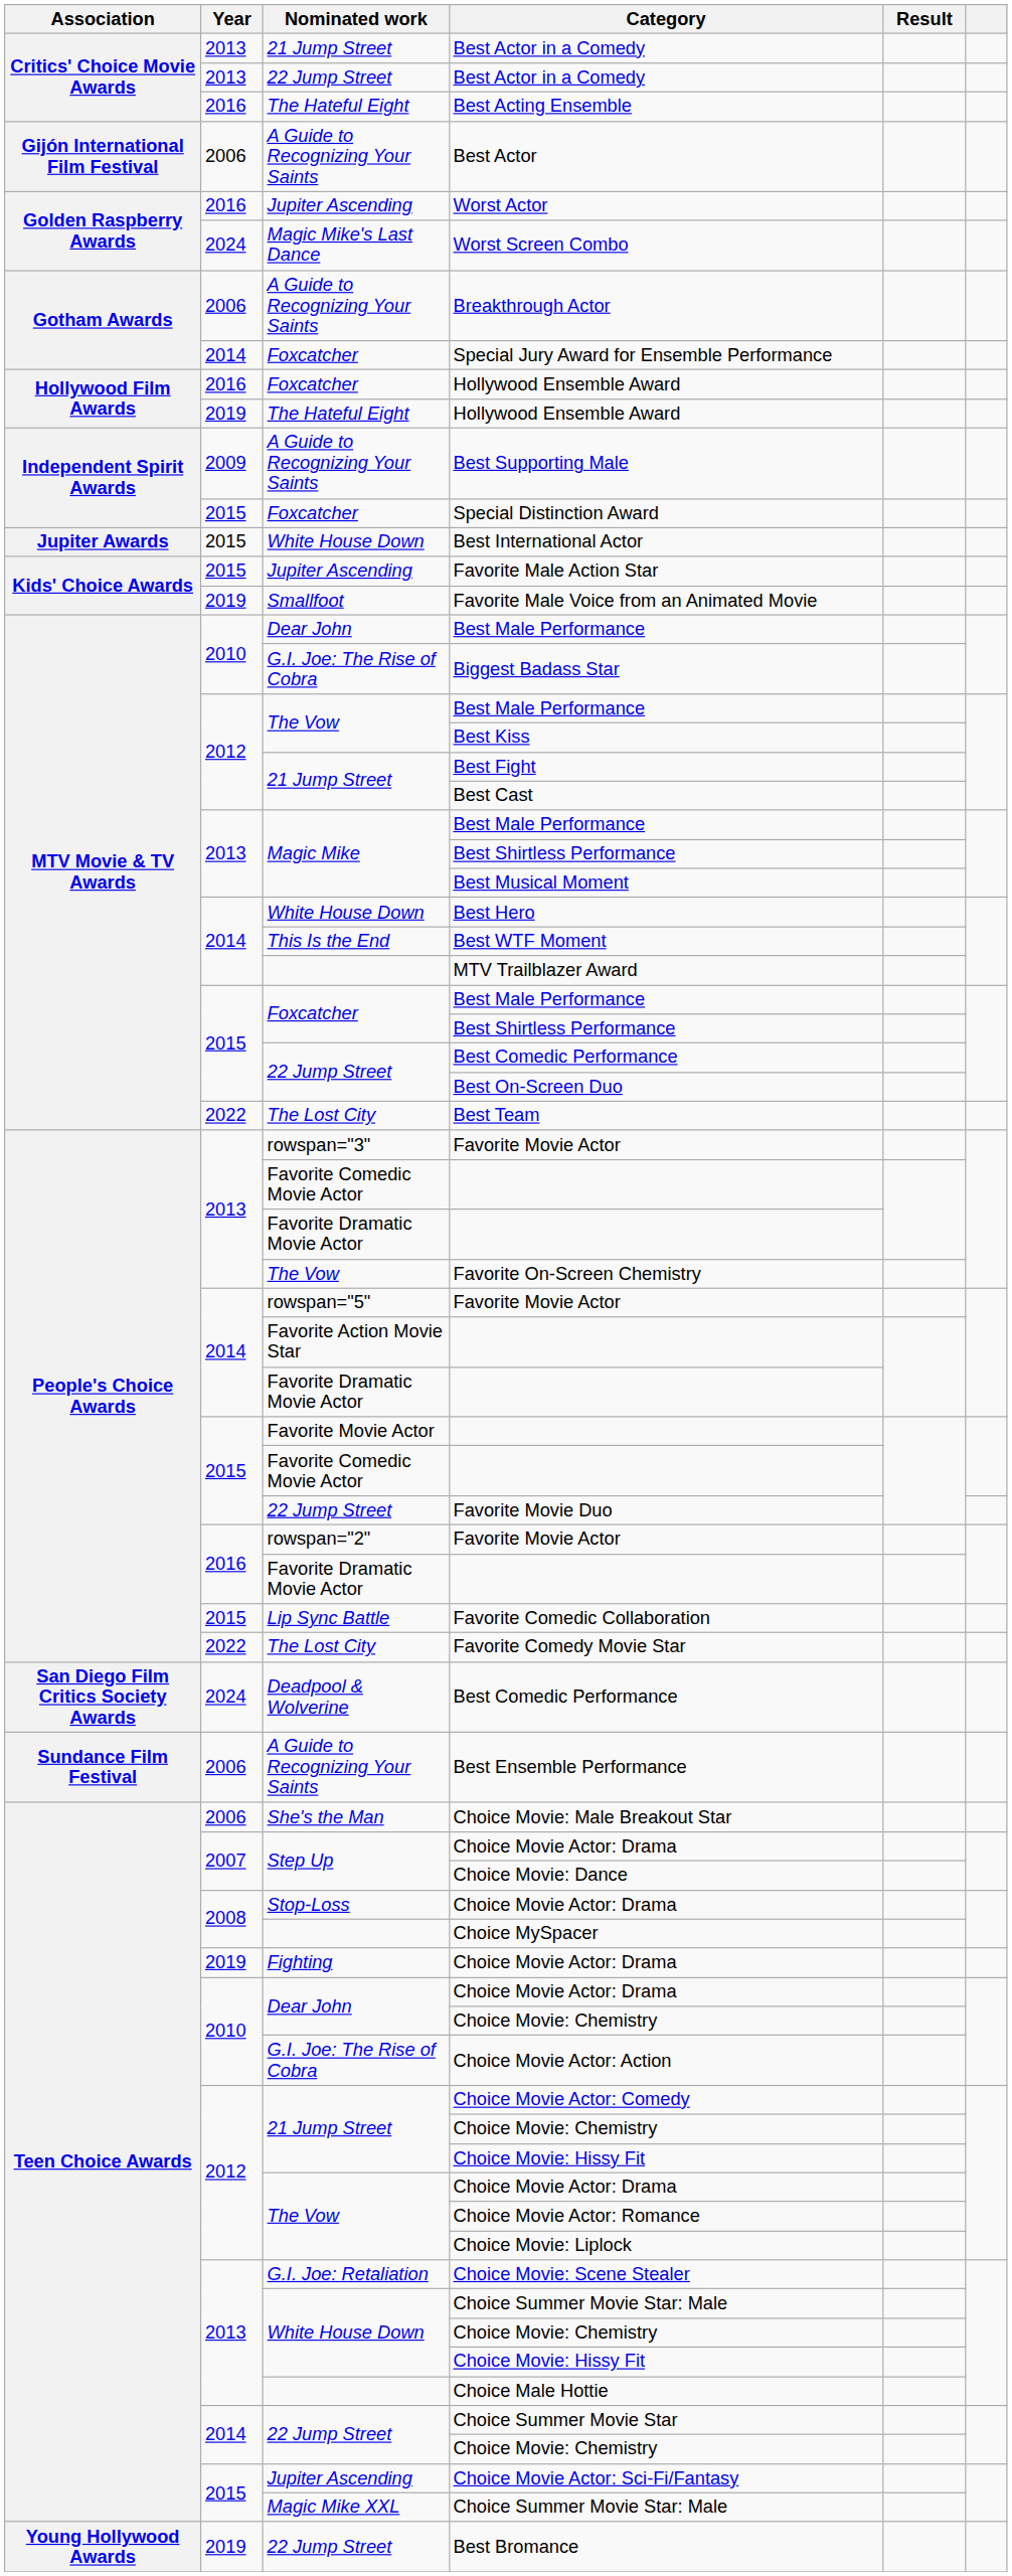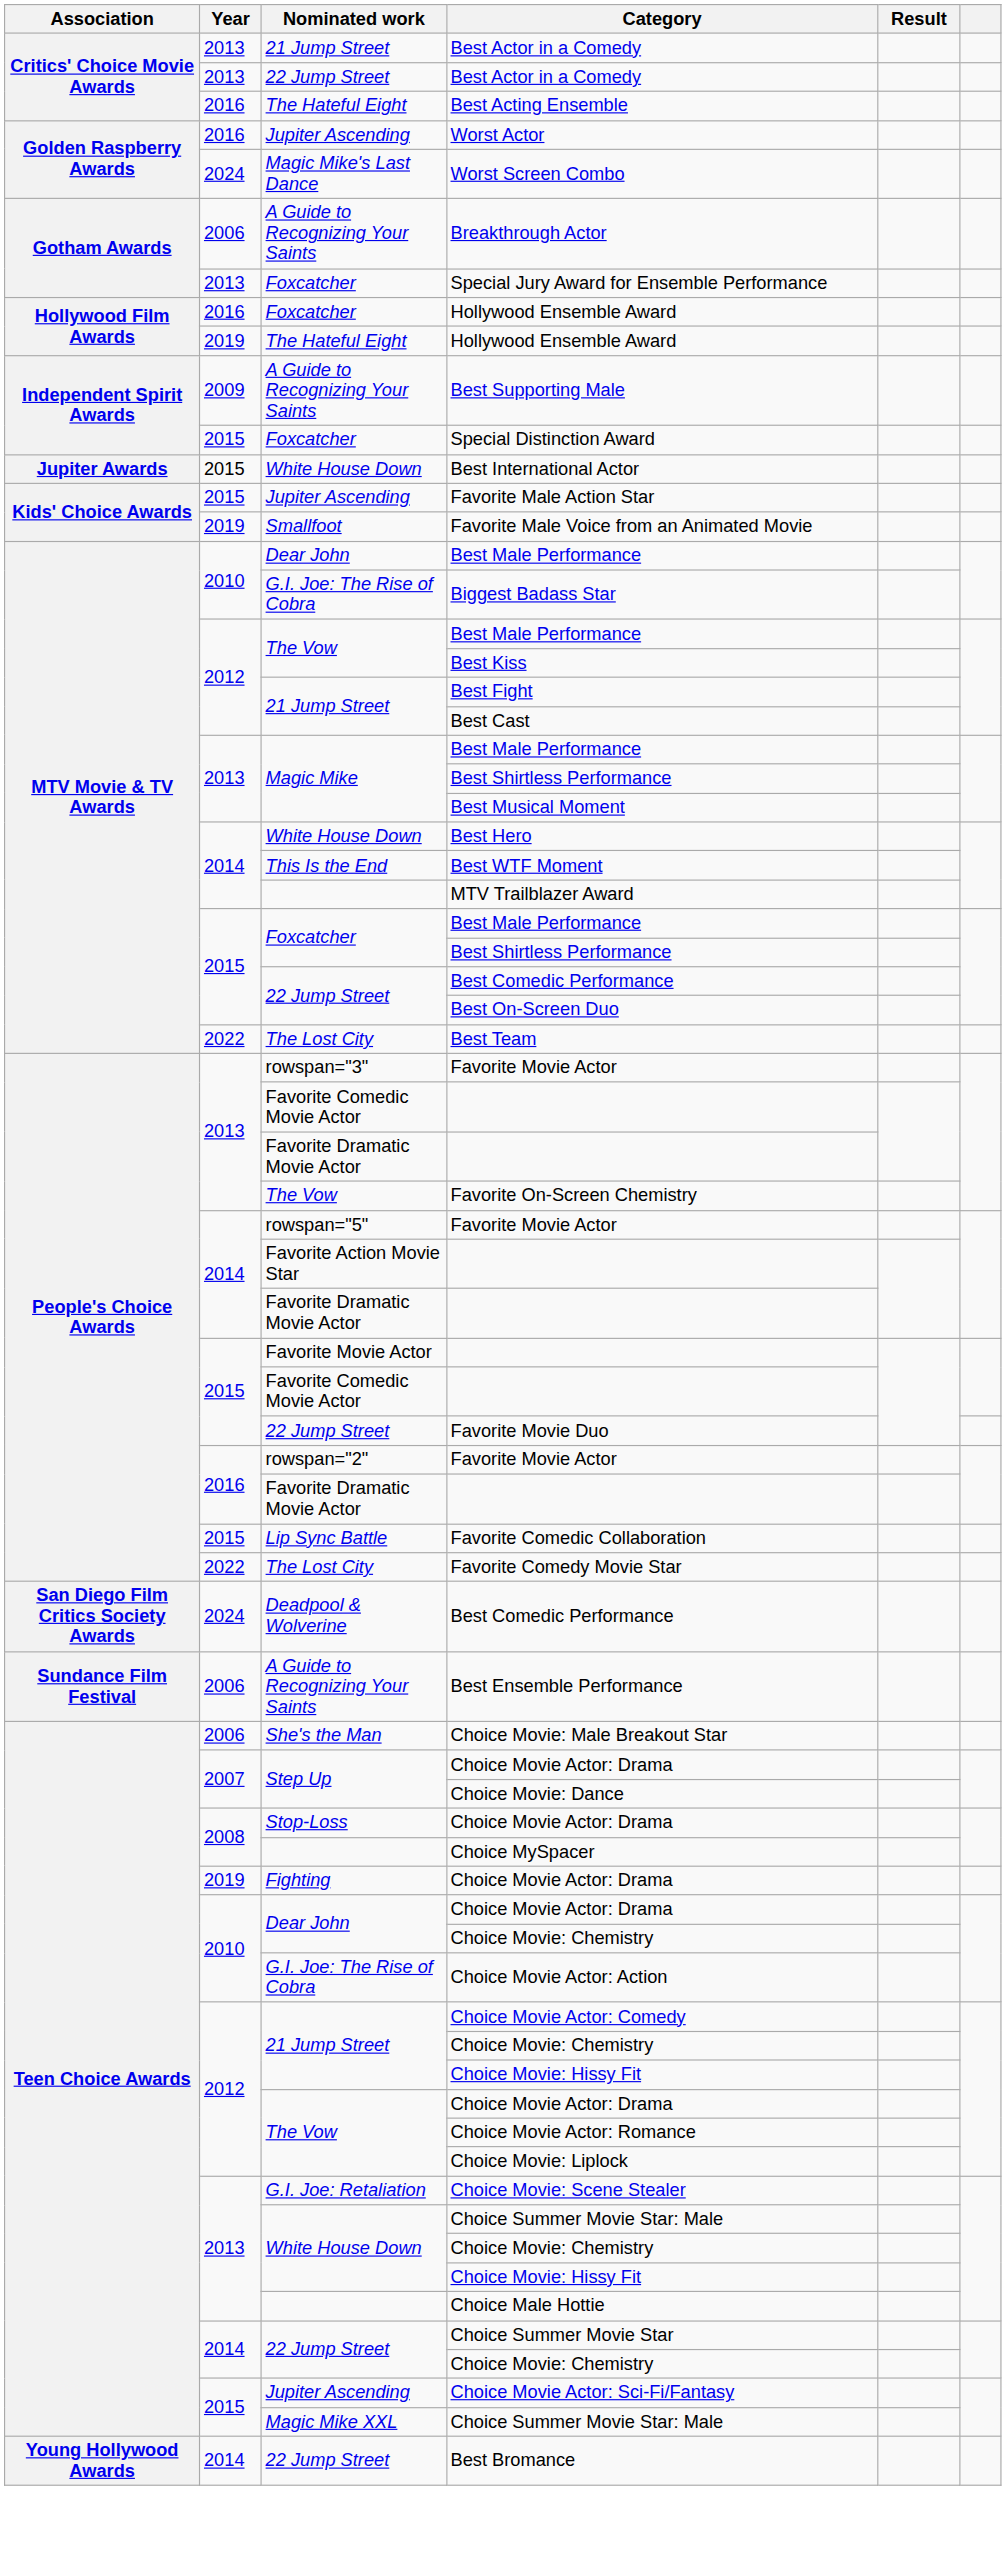 <table class="wikitable sortable plainrowheaders" style="width:99%;">
 <tr>
 <th scope="col" style="width:19%;">Association</th>
 <th scope="col" style="width:6%;">Year</th>
 <th scope="col" style="width:18%;">Nominated work</th>
 <th scope="col" style="width:42%;">Category</th>
 <th scope="col" style="width:8%;">Result</th>
 <th scope="col" style="width:4%;" class="unsortable"></th>
 </tr>
 <tr>
 <th scope="row" rowspan="3"><a href='#'>Critics' Choice Movie Awards</a></th>
 <td><a href='#'>2013</a></td>
 <td><em><a href='#'>21 Jump Street</a></em></td>
 <td><a href='#'>Best Actor in a Comedy</a></td>
 <td></td>
 <td style="text-align:center;"></td>
 </tr>
 <tr>
 <td><a href='#'>2013</a></td>
 <td><em><a href='#'>22 Jump Street</a></em></td>
 <td><a href='#'>Best Actor in a Comedy</a></td>
 <td></td>
 <td style="text-align:center;"></td>
 </tr>
 <tr>
 <td><a href='#'>2016</a></td>
 <td><em><a href='#'>The Hateful Eight</a></em></td>
 <td><a href='#'>Best Acting Ensemble</a></td>
 <td></td>
 <td style="text-align:center;"></td>
 </tr>
 <tr>
-<th scope="row"><a href='#'>Gijón International Film Festival</a></th>
-<td>2006</td>
-<td><em><a href='#'>A Guide to Recognizing Your Saints</a></em></td>
-<td>Best Actor</td>
-<td></td>
-<td style="text-align:center;"></td>
-</tr>
-<tr>
 <th scope="row" rowspan="2"><a href='#'>Golden Raspberry Awards</a></th>
 <td><a href='#'>2016</a></td>
 <td><em><a href='#'>Jupiter Ascending</a></em></td>
 <td><a href='#'>Worst Actor</a></td>
 <td></td>
 <td style="text-align:center;"></td>
 </tr>
 <tr>
 <td><a href='#'>2024</a></td>
 <td><em><a href='#'>Magic Mike's Last Dance</a></em></td>
 <td><a href='#'>Worst Screen Combo</a></td>
 <td></td>
 <td style="text-align:center;"></td>
 </tr>
 <tr>
 <th scope="row" rowspan="2"><a href='#'>Gotham Awards</a></th>
 <td><a href='#'>2006</a></td>
 <td><em><a href='#'>A Guide to Recognizing Your Saints</a></em></td>
 <td><a href='#'>Breakthrough Actor</a></td>
 <td></td>
 <td style="text-align:center;"></td>
 </tr>
 <tr>
-<td><a href='#'>2014</a></td>
+<td><a href='#'>2013</a></td>
 <td><em><a href='#'>Foxcatcher</a></em></td>
 <td>Special Jury Award for Ensemble Performance</td>
 <td></td>
 <td style="text-align:center;"></td>
 </tr>
 <tr>
 <th scope="row" rowspan="2"><a href='#'>Hollywood Film Awards</a></th>
 <td><a href='#'>2016</a></td>
 <td><em><a href='#'>Foxcatcher</a></em></td>
 <td>Hollywood Ensemble Award</td>
 <td></td>
 <td style="text-align:center;"></td>
 </tr>
 <tr>
 <td><a href='#'>2019</a></td>
 <td><em><a href='#'>The Hateful Eight</a></em></td>
 <td>Hollywood Ensemble Award</td>
 <td></td>
 <td style="text-align:center;"></td>
 </tr>
 <tr>
 <th scope="row" rowspan="2"><a href='#'>Independent Spirit Awards</a></th>
 <td><a href='#'>2009</a></td>
 <td><em><a href='#'>A Guide to Recognizing Your Saints</a></em></td>
 <td><a href='#'>Best Supporting Male</a></td>
 <td></td>
 <td style="text-align:center;"></td>
 </tr>
 <tr>
 <td><a href='#'>2015</a></td>
 <td><em><a href='#'>Foxcatcher</a></em></td>
 <td>Special Distinction Award</td>
 <td></td>
 <td style="text-align:center;"></td>
 </tr>
 <tr>
 <th scope="row"><a href='#'>Jupiter Awards</a></th>
 <td>2015</td>
 <td><em><a href='#'>White House Down</a></em></td>
 <td>Best International Actor</td>
 <td></td>
 <td style="text-align:center;"></td>
 </tr>
 <tr>
 <th scope="row" rowspan="2"><a href='#'>Kids' Choice Awards</a></th>
 <td><a href='#'>2015</a></td>
 <td><em><a href='#'>Jupiter Ascending</a></em></td>
 <td>Favorite Male Action Star</td>
 <td></td>
 <td style="text-align:center;"></td>
 </tr>
 <tr>
 <td><a href='#'>2019</a></td>
 <td><em><a href='#'>Smallfoot</a></em></td>
 <td>Favorite Male Voice from an Animated Movie</td>
 <td></td>
 <td style="text-align:center;"></td>
 </tr>
 <tr>
 <th scope="row" rowspan="17"><a href='#'>MTV Movie & TV Awards</a></th>
 <td rowspan="2"><a href='#'>2010</a></td>
 <td><em><a href='#'>Dear John</a></em></td>
 <td><a href='#'>Best Male Performance</a></td>
 <td></td>
 <td style="text-align:center;" rowspan="2"></td>
 </tr>
 <tr>
 <td><em><a href='#'>G.I. Joe: The Rise of Cobra</a></em></td>
 <td><a href='#'>Biggest Badass Star</a></td>
 <td></td>
 </tr>
 <tr>
 <td rowspan="4"><a href='#'>2012</a></td>
 <td rowspan="2"><em><a href='#'>The Vow</a></em></td>
 <td><a href='#'>Best Male Performance</a></td>
 <td></td>
 <td style="text-align:center;" rowspan="4"></td>
 </tr>
 <tr>
 <td><a href='#'>Best Kiss</a></td>
 <td></td>
 </tr>
 <tr>
 <td rowspan="2"><em><a href='#'>21 Jump Street</a></em></td>
 <td><a href='#'>Best Fight</a></td>
 <td></td>
 </tr>
 <tr>
 <td>Best Cast</td>
 <td></td>
 </tr>
 <tr>
 <td rowspan="3"><a href='#'>2013</a></td>
 <td rowspan="3"><em><a href='#'>Magic Mike</a></em></td>
 <td><a href='#'>Best Male Performance</a></td>
 <td></td>
 <td style="text-align:center;" rowspan="3"></td>
 </tr>
 <tr>
 <td><a href='#'>Best Shirtless Performance</a></td>
 <td></td>
 </tr>
 <tr>
 <td><a href='#'>Best Musical Moment</a></td>
 <td></td>
 </tr>
 <tr>
 <td rowspan="3"><a href='#'>2014</a></td>
 <td><em><a href='#'>White House Down</a></em></td>
 <td><a href='#'>Best Hero</a></td>
 <td></td>
 <td style="text-align:center;" rowspan="3"></td>
 </tr>
 <tr>
 <td><em><a href='#'>This Is the End</a></em></td>
 <td><a href='#'>Best WTF Moment</a></td>
 <td></td>
 </tr>
 <tr>
 <td></td>
 <td>MTV Trailblazer Award</td>
 <td></td>
 </tr>
 <tr>
 <td rowspan="4"><a href='#'>2015</a></td>
 <td rowspan="2"><em><a href='#'>Foxcatcher</a></em></td>
 <td><a href='#'>Best Male Performance</a></td>
 <td></td>
 <td style="text-align:center;" rowspan="4"></td>
 </tr>
 <tr>
 <td><a href='#'>Best Shirtless Performance</a></td>
 <td></td>
 </tr>
 <tr>
 <td rowspan="2"><em><a href='#'>22 Jump Street</a></em></td>
 <td><a href='#'>Best Comedic Performance</a></td>
 <td></td>
 </tr>
 <tr>
 <td><a href='#'>Best On-Screen Duo</a></td>
 <td></td>
 </tr>
 <tr>
 <td><a href='#'>2022</a></td>
 <td><em><a href='#'>The Lost City</a></em></td>
 <td><a href='#'>Best Team</a></td>
 <td></td>
 <td style="text-align:center;"></td>
 </tr>
 <tr>
 <th scope="row" rowspan="14"><a href='#'>People's Choice Awards</a></th>
 <td rowspan="4"><a href='#'>2013</a></td>
 <td>rowspan="3" </td>
 <td>Favorite Movie Actor</td>
 <td></td>
 <td style="text-align:center;" rowspan="4"></td>
 </tr>
 <tr>
 <td>Favorite Comedic Movie Actor</td>
 <td></td>
 </tr>
 <tr>
 <td>Favorite Dramatic Movie Actor</td>
 <td></td>
 </tr>
 <tr>
 <td><em><a href='#'>The Vow</a></em></td>
 <td>Favorite On-Screen Chemistry</td>
 <td></td>
 </tr>
 <tr>
 <td rowspan="3"><a href='#'>2014</a></td>
 <td>rowspan="5" </td>
 <td>Favorite Movie Actor</td>
 <td></td>
 <td style="text-align:center;" rowspan="3"></td>
 </tr>
 <tr>
 <td>Favorite Action Movie Star</td>
 <td></td>
 </tr>
 <tr>
 <td>Favorite Dramatic Movie Actor</td>
 <td></td>
 </tr>
 <tr>
 <td rowspan="3"><a href='#'>2015</a></td>
 <td>Favorite Movie Actor</td>
 <td></td>
 <td style="text-align:center;" rowspan="3"></td>
 </tr>
 <tr>
 <td>Favorite Comedic Movie Actor</td>
 <td></td>
 </tr>
 <tr>
 <td><em><a href='#'>22 Jump Street</a></em></td>
 <td>Favorite Movie Duo</td>
 <td></td>
 </tr>
 <tr>
 <td rowspan="2"><a href='#'>2016</a></td>
 <td>rowspan="2" </td>
 <td>Favorite Movie Actor</td>
 <td></td>
 <td style="text-align:center;" rowspan="2"></td>
 </tr>
 <tr>
 <td>Favorite Dramatic Movie Actor</td>
 <td></td>
 </tr>
 <tr>
 <td><a href='#'>2015</a></td>
 <td><em><a href='#'>Lip Sync Battle</a></em></td>
 <td>Favorite Comedic Collaboration</td>
 <td></td>
 <td style="text-align:center;"></td>
 </tr>
 <tr>
 <td><a href='#'>2022</a></td>
 <td><em><a href='#'>The Lost City</a></em></td>
 <td>Favorite Comedy Movie Star</td>
 <td></td>
 <td style="text-align:center;"></td>
 </tr>
 <tr>
 <th scope="row"><a href='#'>San Diego Film Critics Society Awards</a></th>
 <td><a href='#'>2024</a></td>
 <td><em><a href='#'>Deadpool & Wolverine</a></em></td>
 <td>Best Comedic Performance</td>
 <td></td>
 <td style="text-align:center;"></td>
 </tr>
 <tr>
 <th scope="row"><a href='#'>Sundance Film Festival</a></th>
 <td><a href='#'>2006</a></td>
 <td><em><a href='#'>A Guide to Recognizing Your Saints</a></em></td>
 <td>Best Ensemble Performance</td>
 <td></td>
 <td style="text-align:center;"></td>
 </tr>
 <tr>
 <th scope="row" rowspan="24"><a href='#'>Teen Choice Awards</a></th>
 <td><a href='#'>2006</a></td>
 <td><em><a href='#'>She's the Man</a></em></td>
 <td>Choice Movie: Male Breakout Star</td>
 <td></td>
 <td style="text-align:center;"></td>
 </tr>
 <tr>
 <td rowspan="2"><a href='#'>2007</a></td>
 <td rowspan="2"><em><a href='#'>Step Up</a></em></td>
 <td>Choice Movie Actor: Drama</td>
 <td></td>
 <td style="text-align:center;" rowspan="2"></td>
 </tr>
 <tr>
 <td>Choice Movie: Dance</td>
 <td></td>
 </tr>
 <tr>
 <td rowspan="2"><a href='#'>2008</a></td>
 <td><em><a href='#'>Stop-Loss</a></em></td>
 <td>Choice Movie Actor: Drama</td>
 <td></td>
 <td style="text-align:center;" rowspan="2"></td>
 </tr>
 <tr>
 <td></td>
 <td>Choice MySpacer</td>
 <td></td>
 </tr>
 <tr>
 <td><a href='#'>2019</a></td>
 <td><em><a href='#'>Fighting</a></em></td>
 <td>Choice Movie Actor: Drama</td>
 <td></td>
 <td style="text-align:center;"></td>
 </tr>
 <tr>
 <td rowspan="3"><a href='#'>2010</a></td>
 <td rowspan="2"><em><a href='#'>Dear John</a></em></td>
 <td>Choice Movie Actor: Drama</td>
 <td></td>
 <td style="text-align:center;" rowspan="3"><br></td>
 </tr>
 <tr>
 <td>Choice Movie: Chemistry</td>
 <td></td>
 </tr>
 <tr>
 <td><em><a href='#'>G.I. Joe: The Rise of Cobra</a></em></td>
 <td>Choice Movie Actor: Action</td>
 <td></td>
 </tr>
 <tr>
 <td rowspan="6"><a href='#'>2012</a></td>
 <td rowspan="3"><em><a href='#'>21 Jump Street</a></em></td>
 <td><a href='#'>Choice Movie Actor: Comedy</a></td>
 <td></td>
 <td style="text-align:center;" rowspan="6"><br><br></td>
 </tr>
 <tr>
 <td>Choice Movie: Chemistry</td>
 <td></td>
 </tr>
 <tr>
 <td><a href='#'>Choice Movie: Hissy Fit</a></td>
 <td></td>
 </tr>
 <tr>
 <td rowspan="3"><em><a href='#'>The Vow</a></em></td>
 <td>Choice Movie Actor: Drama</td>
 <td></td>
 </tr>
 <tr>
 <td>Choice Movie Actor: Romance</td>
 <td></td>
 </tr>
 <tr>
 <td>Choice Movie: Liplock</td>
 <td></td>
 </tr>
 <tr>
 <td rowspan="5"><a href='#'>2013</a></td>
 <td><em><a href='#'>G.I. Joe: Retaliation</a></em></td>
 <td><a href='#'>Choice Movie: Scene Stealer</a></td>
 <td></td>
 <td style="text-align:center;" rowspan="5"></td>
 </tr>
 <tr>
 <td rowspan="3"><em><a href='#'>White House Down</a></em></td>
 <td>Choice Summer Movie Star: Male</td>
 <td></td>
 </tr>
 <tr>
 <td>Choice Movie: Chemistry</td>
 <td></td>
 </tr>
 <tr>
 <td><a href='#'>Choice Movie: Hissy Fit</a></td>
 <td></td>
 </tr>
 <tr>
 <td></td>
 <td>Choice Male Hottie</td>
 <td></td>
 </tr>
 <tr>
 <td rowspan="2"><a href='#'>2014</a></td>
 <td rowspan="2"><em><a href='#'>22 Jump Street</a></em></td>
 <td>Choice Summer Movie Star</td>
 <td></td>
 <td style="text-align:center;" rowspan="2"></td>
 </tr>
 <tr>
 <td>Choice Movie: Chemistry</td>
 <td></td>
 </tr>
 <tr>
 <td rowspan="2"><a href='#'>2015</a></td>
 <td><em><a href='#'>Jupiter Ascending</a></em></td>
 <td><a href='#'>Choice Movie Actor: Sci-Fi/Fantasy</a></td>
 <td></td>
 <td style="text-align:center;" rowspan="2"></td>
 </tr>
 <tr>
 <td><em><a href='#'>Magic Mike XXL</a></em></td>
 <td>Choice Summer Movie Star: Male</td>
 <td></td>
 </tr>
 <tr>
 <th scope="row"><a href='#'>Young Hollywood Awards</a></th>
-<td><a href='#'>2019</a></td>
+<td><a href='#'>2014</a></td>
 <td><em><a href='#'>22 Jump Street</a></em></td>
 <td>Best Bromance</td>
 <td></td>
 <td style="text-align:center;"></td>
 </tr>
 </table>
